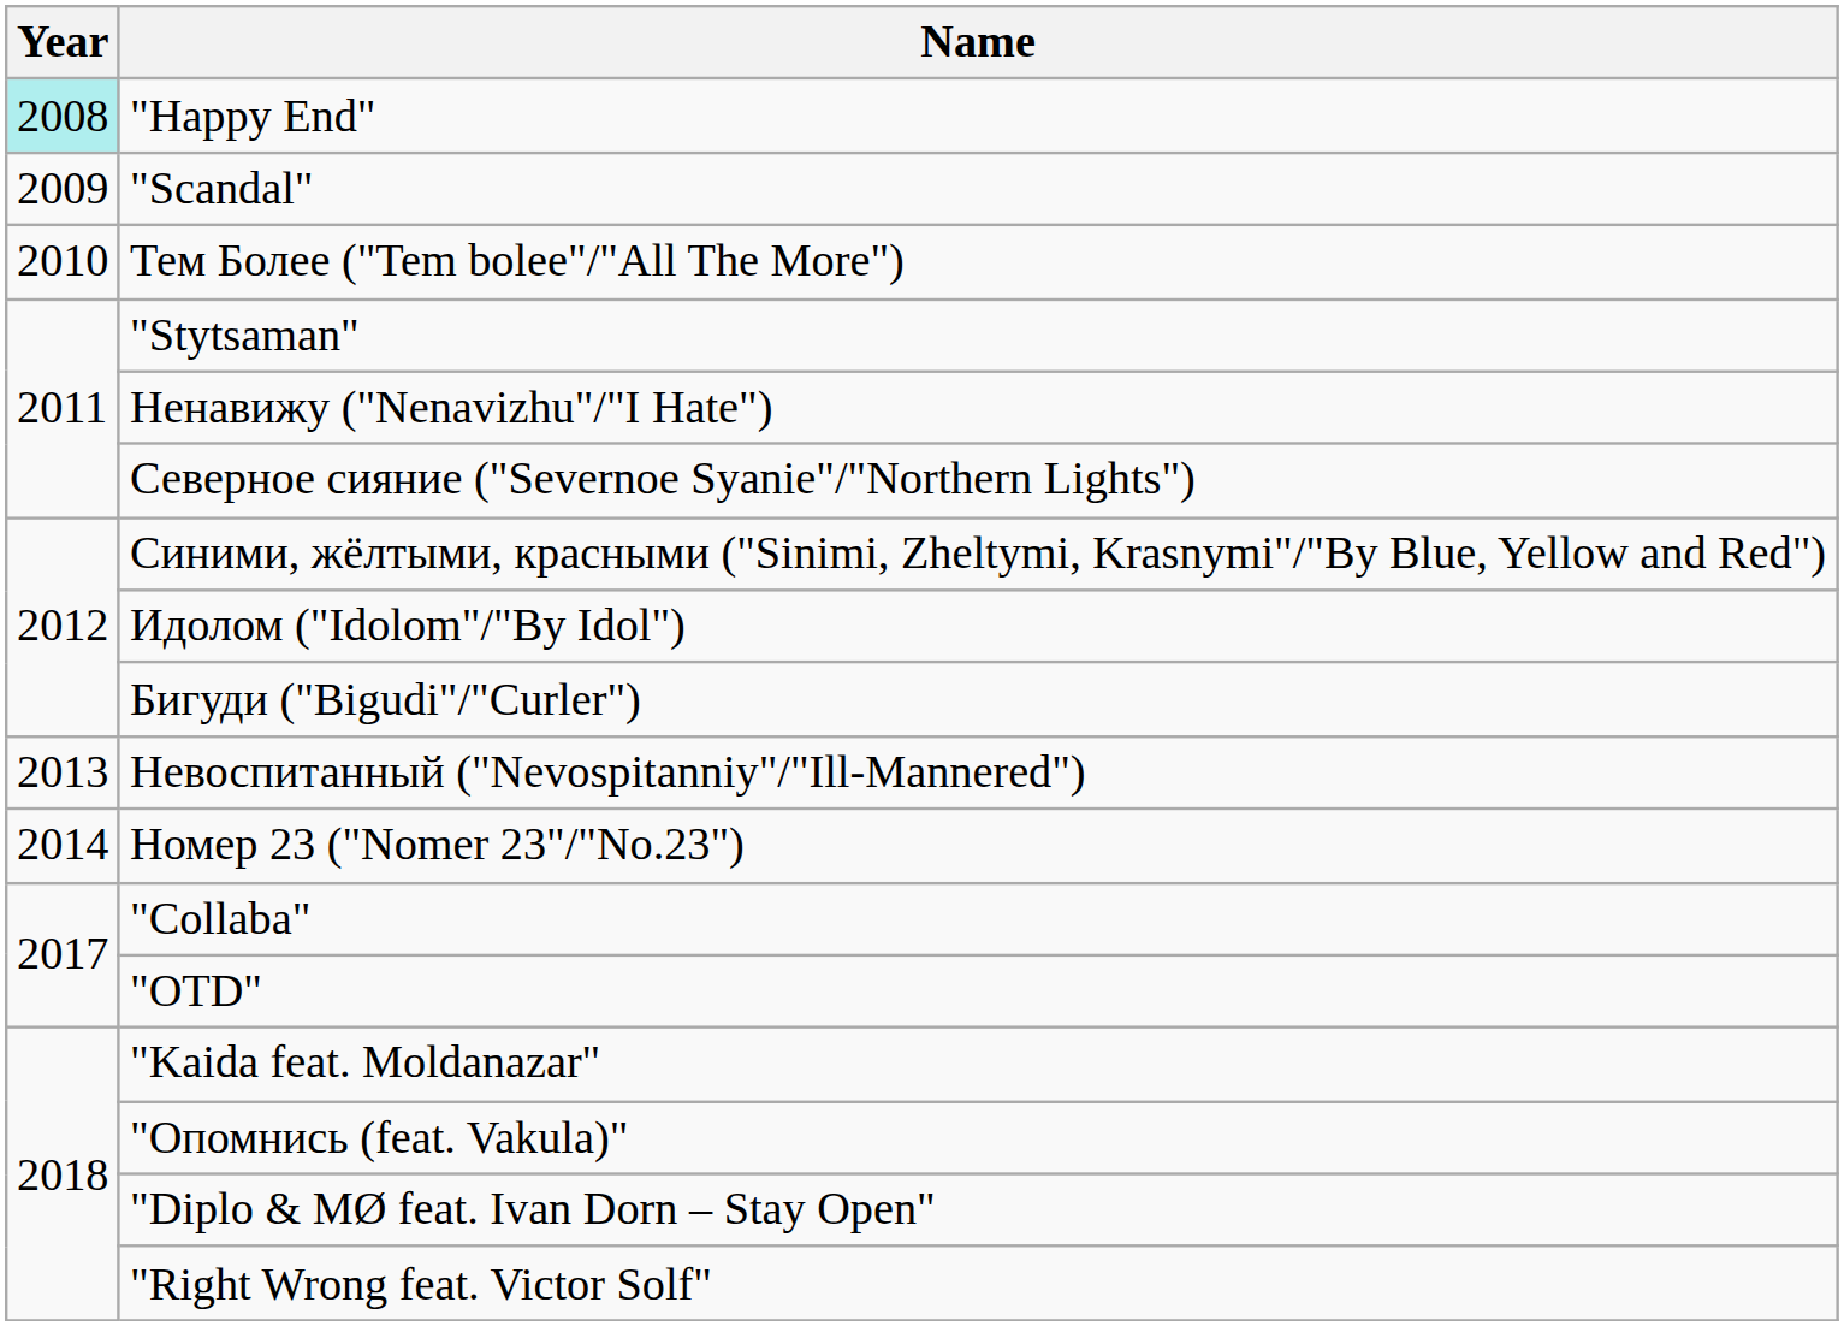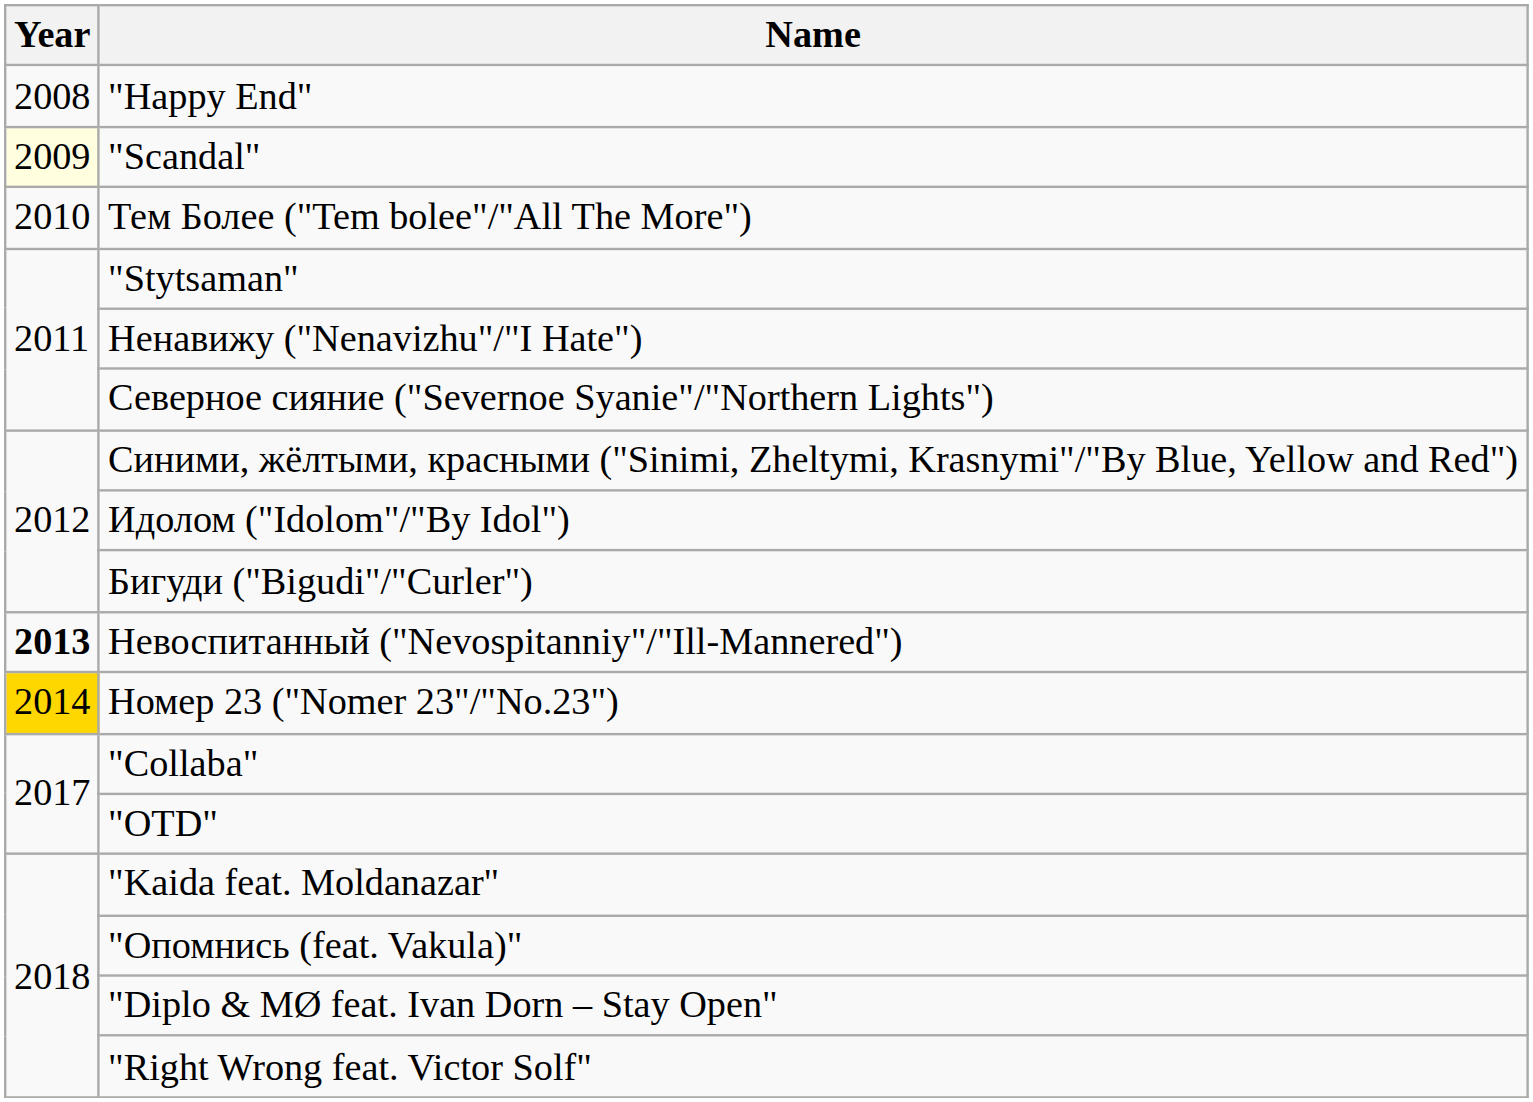 <table class="wikitable">
 <tr>
 <th>Year</th>
 <th>Name</th>
 </tr>
 <tr>
-<td style="background: paleturquoise;">2008</td>
+<td>2008</td>
 <td>"Happy End"</td>
 </tr>
 <tr>
-<td>2009</td>
+<td style="background: lightyellow;">2009</td>
 <td>"Scandal"</td>
 </tr>
 <tr>
 <td>2010</td>
 <td>Тем Более ("Tem bolee"/"All The More")</td>
 </tr>
 <tr>
 <td rowspan=3>2011</td>
 <td>"Stytsaman"</td>
 </tr>
 <tr>
 <td>Ненавижу ("Nenavizhu"/"I Hate")</td>
 </tr>
 <tr>
 <td>Северное сияние ("Severnoe Syanie"/"Northern Lights")</td>
 </tr>
 <tr>
 <td rowspan=3>2012</td>
 <td>Синими, жёлтыми, красными ("Sinimi, Zheltymi, Krasnymi"/"By Blue, Yellow and Red")</td>
 </tr>
 <tr>
 <td>Идолом ("Idolom"/"By Idol")</td>
 </tr>
 <tr>
 <td>Бигуди ("Bigudi"/"Curler")</td>
 </tr>
 <tr>
-<td>2013</td>
+<td><strong>2013</strong></td>
 <td>Невоспитанный ("Nevospitanniy"/"Ill-Mannered")</td>
 </tr>
 <tr>
-<td>2014</td>
+<td style="background: gold;">2014</td>
 <td>Номер 23 ("Nomer 23"/"No.23")</td>
 </tr>
 <tr>
 <td rowspan="2">2017</td>
 <td>"Collaba"</td>
 </tr>
 <tr>
 <td>"OTD"</td>
 </tr>
 <tr>
 <td rowspan="4">2018</td>
 <td>"Kaida feat. Moldanazar"</td>
 </tr>
 <tr>
 <td>"Опомнись (feat. Vakula)"</td>
 </tr>
 <tr>
 <td>"Diplo & MØ feat. Ivan Dorn – Stay Open"</td>
 </tr>
 <tr>
 <td>"Right Wrong feat. Victor Solf"</td>
 </tr>
 </table>
